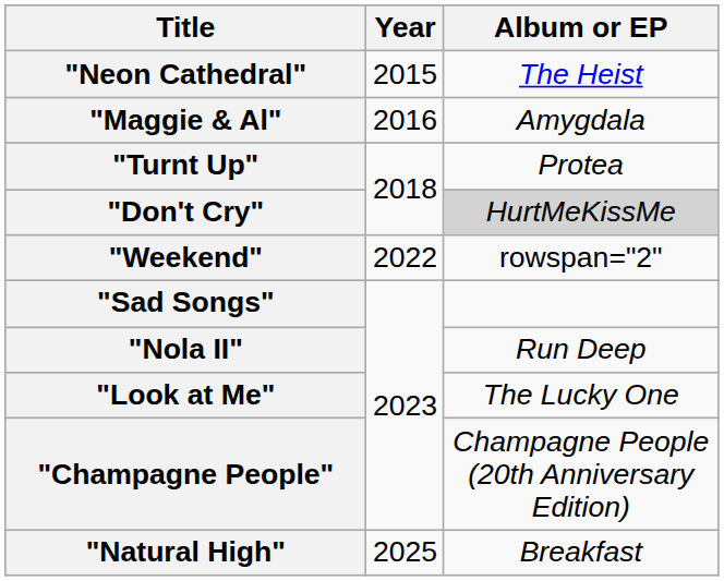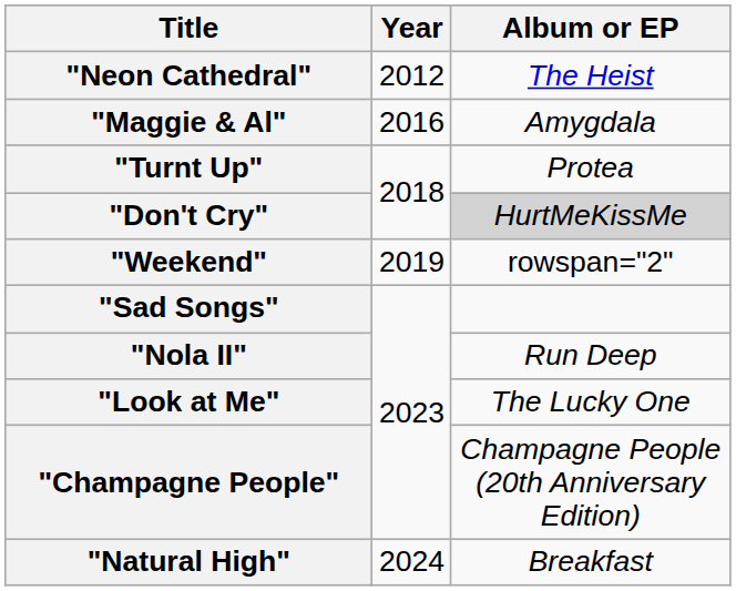 <table class="wikitable plainrowheaders" style="text-align:center;">
 <tr>
 <th scope="col" style="width:12em;">Title</th>
 <th scope="col">Year</th>
 <th scope="col" style="width:9em;">Album or EP</th>
 </tr>
 <tr>
 <th scope="row">"Neon Cathedral"<br></th>
-<td>2015</td>
+<td>2012</td>
 <td><em><a href='#'>The Heist</a></em></td>
 </tr>
 <tr>
 <th scope="row">"Maggie & Al"<br></th>
 <td>2016</td>
 <td><em>Amygdala</em></td>
 </tr>
 <tr>
 <th scope="row">"Turnt Up"<br></th>
 <td rowspan="2">2018</td>
 <td><em>Protea</em></td>
 </tr>
 <tr>
 <th scope="row">"Don't Cry"<br></th>
 <td style="background: lightgrey;"><em>HurtMeKissMe</em></td>
 </tr>
 <tr>
 <th scope="row">"Weekend"<br></th>
-<td>2022</td>
+<td>2019</td>
 <td>rowspan="2" </td>
 </tr>
 <tr>
 <th scope="row">"Sad Songs"<br></th>
 <td rowspan="4">2023</td>
 </tr>
 <tr>
 <th scope="row">"Nola II"<br></th>
 <td><em>Run Deep</em></td>
 </tr>
 <tr>
 <th scope="row">"Look at Me"<br></th>
 <td><em>The Lucky One</em></td>
 </tr>
 <tr>
 <th scope="row">"Champagne People"<br></th>
 <td><em>Champagne People (20th Anniversary Edition)</em></td>
 </tr>
 <tr>
 <th scope="row">"Natural High"<br></th>
-<td>2025</td>
+<td>2024</td>
 <td><em>Breakfast</em></td>
 </tr>
 </table>
